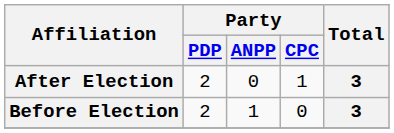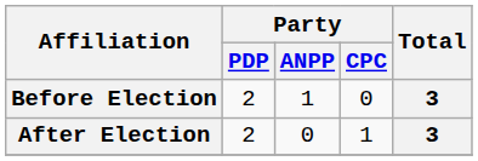 <table class="wikitable" style="text-align:center">
 <tr>
 <th rowspan="2">Affiliation</th>
 <th colspan="3">Party</th>
 <th rowspan="2">Total</th>
 </tr>
 <tr>
 <th><a href='#'>PDP</a></th>
 <th><a href='#'>ANPP</a></th>
 <th><a href='#'>CPC</a></th>
 </tr>
 <tr>
+<th>Before Election</th>
+<td>2</td>
+<td>1</td>
+<td>0</td>
+<th>3</th>
+</tr>
+<tr>
 <th>After Election</th>
 <td>2</td>
 <td>0</td>
 <td>1</td>
 <th>3</th>
 </tr>
 <tr>
-<th>Before Election</th>
-<td>2</td>
-<td>1</td>
-<td>0</td>
-<th>3</th>
-</tr>
-<tr>
 </tr>
 </table>
